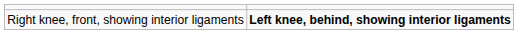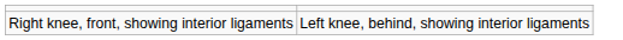 <table class="wikitable">
 <tr>
 <td></td>
 <td></td>
 </tr>
 <tr>
 <td>Right knee, front, showing interior ligaments</td>
-<td><strong>Left knee, behind, showing interior ligaments</strong></td>
+<td>Left knee, behind, showing interior ligaments</td>
 </tr>
 </table>
